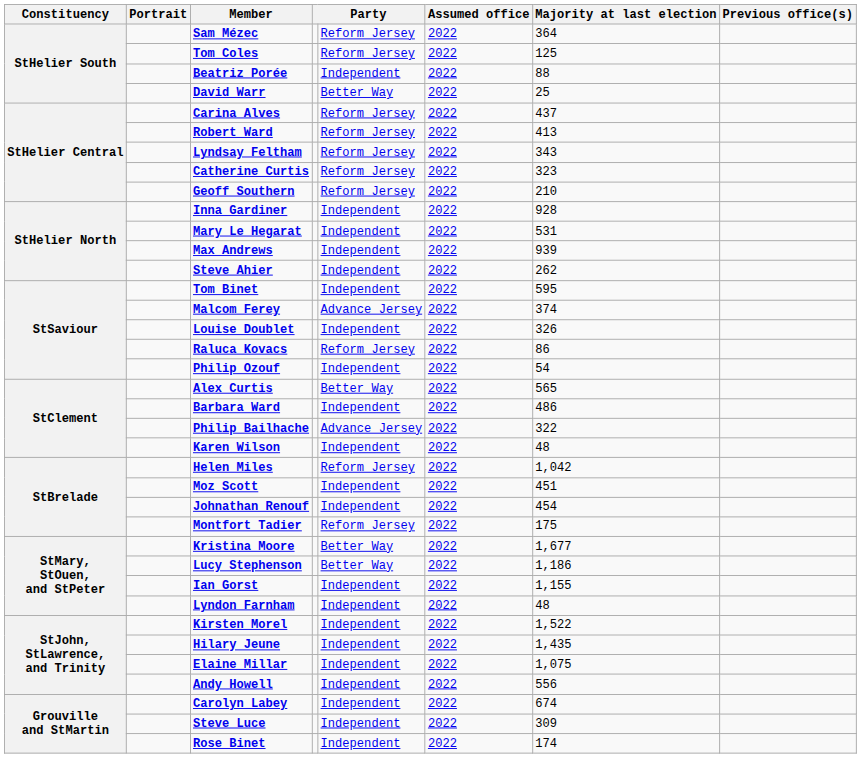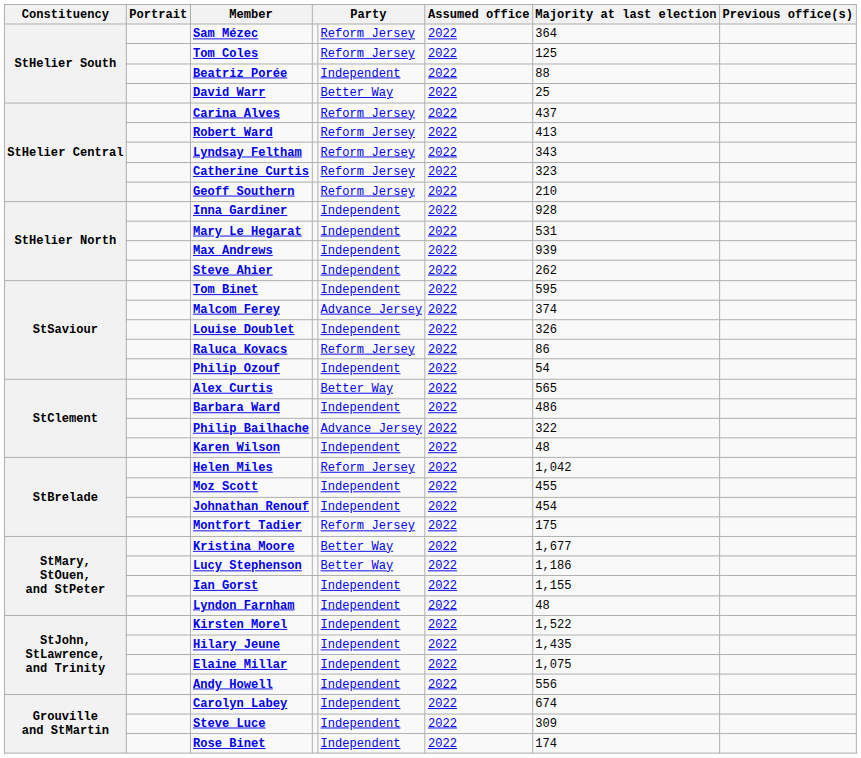 <table class="wikitable sortable sticky-header" id="deputies">
 <tr style="vertical-align:bottom">
 <th scope="col">Constituency</th>
 <th scope="col">Portrait</th>
 <th scope="col">Member</th>
 <th scope="col" colspan=2>Party</th>
 <th scope="col">Assumed office</th>
 <th scope="col">Majority at last election</th>
 <th scope="col">Previous office(s)</th>
 </tr>
 <tr>
 <th scope="row" rowspan="4">StHelier South</th>
 <td></td>
 <td data-sort-value="Mézec"><strong><a href='#'>Sam Mézec</a></strong></td>
 <td style="background-color:"></td>
 <td><a href='#'>Reform Jersey</a></td>
 <td><a href='#'>2022</a></td>
 <td>364</td>
 <td></td>
 </tr>
 <tr>
 <td></td>
 <td data-sort-value="Coles"><strong><a href='#'>Tom Coles</a></strong></td>
 <td style="background-color:"></td>
 <td><a href='#'>Reform Jersey</a></td>
 <td><a href='#'>2022</a></td>
 <td>125</td>
 <td></td>
 </tr>
 <tr>
 <td></td>
 <td data-sort-value="Porée"><strong><a href='#'>Beatriz Porée</a></strong></td>
 <td style="background-color:"></td>
 <td><a href='#'>Independent</a></td>
 <td><a href='#'>2022</a></td>
 <td>88</td>
 <td></td>
 </tr>
 <tr>
 <td></td>
 <td data-sort-value="Warr"><strong><a href='#'>David Warr</a></strong></td>
 <td style="background-color:"></td>
 <td><a href='#'>Better Way</a></td>
 <td><a href='#'>2022</a></td>
 <td>25</td>
 <td></td>
 </tr>
 <tr>
 <th scope="row" rowspan="5">StHelier Central</th>
 <td></td>
 <td data-sort-value="Alves"><strong><a href='#'>Carina Alves</a></strong></td>
 <td style="background-color:"></td>
 <td><a href='#'>Reform Jersey</a></td>
 <td><a href='#'>2022</a></td>
 <td>437</td>
 <td></td>
 </tr>
 <tr>
 <td></td>
 <td data-sort-value="Ward, Robert"><strong><a href='#'>Robert Ward</a></strong></td>
 <td style="background-color:"></td>
 <td><a href='#'>Reform Jersey</a></td>
 <td><a href='#'>2022</a></td>
 <td>413</td>
 <td></td>
 </tr>
 <tr>
 <td></td>
 <td data-sort-value="Feltham"><strong><a href='#'>Lyndsay Feltham</a></strong></td>
 <td style="background-color:"></td>
 <td><a href='#'>Reform Jersey</a></td>
 <td><a href='#'>2022</a></td>
 <td>343</td>
 <td></td>
 </tr>
 <tr>
 <td></td>
 <td data-sort-value="Curtis, Catherine"><strong><a href='#'>Catherine Curtis</a></strong></td>
 <td style="background-color:"></td>
 <td><a href='#'>Reform Jersey</a></td>
 <td><a href='#'>2022</a></td>
 <td>323</td>
 <td></td>
 </tr>
 <tr>
 <td></td>
 <td data-sort-value="Southern"><strong><a href='#'>Geoff Southern</a></strong></td>
 <td style="background-color:"></td>
 <td><a href='#'>Reform Jersey</a></td>
 <td><a href='#'>2022</a></td>
 <td>210</td>
 <td></td>
 </tr>
 <tr>
 <th scope="row" rowspan="4">StHelier North</th>
 <td></td>
 <td data-sort-value="Gardiner"><strong><a href='#'>Inna Gardiner</a></strong></td>
 <td style="background-color:"></td>
 <td><a href='#'>Independent</a></td>
 <td><a href='#'>2022</a></td>
 <td>928</td>
 <td></td>
 </tr>
 <tr>
 <td></td>
 <td data-sort-value="Le Hegarat"><strong><a href='#'>Mary Le Hegarat</a></strong></td>
 <td style="background-color:"></td>
 <td><a href='#'>Independent</a></td>
 <td><a href='#'>2022</a></td>
 <td>531</td>
 <td></td>
 </tr>
 <tr>
 <td></td>
 <td data-sort-value="Andrews"><strong><a href='#'>Max Andrews</a></strong></td>
 <td style="background-color:"></td>
 <td><a href='#'>Independent</a></td>
 <td><a href='#'>2022</a></td>
 <td>939</td>
 <td></td>
 </tr>
 <tr>
 <td></td>
 <td data-sort-value="Ahier"><strong><a href='#'>Steve Ahier</a></strong></td>
 <td style="background-color:"></td>
 <td><a href='#'>Independent</a></td>
 <td><a href='#'>2022</a></td>
 <td>262</td>
 <td></td>
 </tr>
 <tr>
 <th scope="row" rowspan="5">StSaviour</th>
 <td></td>
 <td data-sort-value="Binet, Tom"><strong><a href='#'>Tom Binet</a></strong></td>
 <td style="background-color:"></td>
 <td><a href='#'>Independent</a></td>
 <td><a href='#'>2022</a></td>
 <td>595</td>
 <td></td>
 </tr>
 <tr>
 <td></td>
 <td data-sort-value="Ferey"><strong><a href='#'>Malcom Ferey</a></strong></td>
 <td style="background-color:"></td>
 <td><a href='#'>Advance Jersey</a></td>
 <td><a href='#'>2022</a></td>
 <td>374</td>
 <td></td>
 </tr>
 <tr>
 <td></td>
 <td data-sort-value="Doublet"><strong><a href='#'>Louise Doublet</a></strong></td>
 <td style="background-color:"></td>
 <td><a href='#'>Independent</a></td>
 <td><a href='#'>2022</a></td>
 <td>326</td>
 <td></td>
 </tr>
 <tr>
 <td></td>
 <td data-sort-value="Kovacs"><strong><a href='#'>Raluca Kovacs</a></strong></td>
 <td style="background-color:"></td>
 <td><a href='#'>Reform Jersey</a></td>
 <td><a href='#'>2022</a></td>
 <td>86</td>
 <td></td>
 </tr>
 <tr>
 <td></td>
 <td data-sort-value="Ozouf"><strong><a href='#'>Philip Ozouf</a></strong></td>
 <td style="background-color:"></td>
 <td><a href='#'>Independent</a></td>
 <td><a href='#'>2022</a></td>
 <td>54</td>
 <td></td>
 </tr>
 <tr>
 <th scope="row" rowspan="4">StClement</th>
 <td></td>
 <td data-sort-value="Curtis, Alex"><strong><a href='#'>Alex Curtis</a></strong></td>
 <td style="background-color:"></td>
 <td><a href='#'>Better Way</a></td>
 <td><a href='#'>2022</a></td>
 <td>565</td>
 <td></td>
 </tr>
 <tr>
 <td></td>
 <td data-sort-value="Ward, Barbara"><strong><a href='#'>Barbara Ward</a></strong></td>
 <td style="background-color:"></td>
 <td><a href='#'>Independent</a></td>
 <td><a href='#'>2022</a></td>
 <td>486</td>
 <td></td>
 </tr>
 <tr>
 <td></td>
 <td data-sort-value="Bailhache"><strong><a href='#'>Philip Bailhache</a></strong></td>
 <td style="background-color:"></td>
 <td><a href='#'>Advance Jersey</a></td>
 <td><a href='#'>2022</a></td>
 <td>322</td>
 <td></td>
 </tr>
 <tr>
 <td></td>
 <td data-sort-value="Wilson"><strong><a href='#'>Karen Wilson</a></strong></td>
 <td style="background-color:"></td>
 <td><a href='#'>Independent</a></td>
 <td><a href='#'>2022</a></td>
 <td>48</td>
 <td></td>
 </tr>
 <tr>
 <th scope="row" rowspan="4">StBrelade</th>
 <td></td>
 <td data-sort-value="Miles"><strong><a href='#'>Helen Miles</a></strong></td>
 <td style="background-color:"></td>
 <td><a href='#'>Reform Jersey</a></td>
 <td><a href='#'>2022</a></td>
 <td>1,042</td>
 <td></td>
 </tr>
 <tr>
 <td></td>
 <td data-sort-value="Scott"><strong><a href='#'>Moz Scott</a></strong></td>
 <td style="background-color:"></td>
 <td><a href='#'>Independent</a></td>
 <td><a href='#'>2022</a></td>
-<td>451</td>
+<td>455</td>
 <td></td>
 </tr>
 <tr>
 <td></td>
 <td data-sort-value="Renouf"><strong><a href='#'>Johnathan Renouf</a></strong></td>
 <td style="background-color:"></td>
 <td><a href='#'>Independent</a></td>
 <td><a href='#'>2022</a></td>
 <td>454</td>
 <td></td>
 </tr>
 <tr>
 <td></td>
 <td data-sort-value="Tadier"><strong><a href='#'>Montfort Tadier</a></strong></td>
 <td style="background-color:"></td>
 <td><a href='#'>Reform Jersey</a></td>
 <td><a href='#'>2022</a></td>
 <td>175</td>
 <td></td>
 </tr>
 <tr>
 <th scope="row" rowspan="4">StMary,<br>StOuen,<br>and StPeter</th>
 <td></td>
 <td data-sort-value="Moore"><strong><a href='#'>Kristina Moore</a></strong></td>
 <td style="background-color:"></td>
 <td><a href='#'>Better Way</a></td>
 <td><a href='#'>2022</a></td>
 <td>1,677</td>
 <td></td>
 </tr>
 <tr>
 <td></td>
 <td data-sort-value="Stephenson"><strong><a href='#'>Lucy Stephenson</a></strong></td>
 <td style="background-color:"></td>
 <td><a href='#'>Better Way</a></td>
 <td><a href='#'>2022</a></td>
 <td>1,186</td>
 <td></td>
 </tr>
 <tr>
 <td></td>
 <td data-sort-value="Gorst"><strong><a href='#'>Ian Gorst</a></strong></td>
 <td style="background-color:"></td>
 <td><a href='#'>Independent</a></td>
 <td><a href='#'>2022</a></td>
 <td>1,155</td>
 <td></td>
 </tr>
 <tr>
 <td></td>
 <td data-sort-value="Farnham"><strong><a href='#'>Lyndon Farnham</a></strong></td>
 <td style="background-color:"></td>
 <td><a href='#'>Independent</a></td>
 <td><a href='#'>2022</a></td>
 <td>48</td>
 <td></td>
 </tr>
 <tr>
 <th scope="row" rowspan="4">StJohn,<br>StLawrence,<br>and Trinity</th>
 <td></td>
 <td data-sort-value="Morel"><strong><a href='#'>Kirsten Morel</a></strong></td>
 <td style="background-color:"></td>
 <td><a href='#'>Independent</a></td>
 <td><a href='#'>2022</a></td>
 <td>1,522</td>
 <td></td>
 </tr>
 <tr>
 <td></td>
 <td data-sort-value="Jeune"><strong><a href='#'>Hilary Jeune</a></strong></td>
 <td style="background-color:"></td>
 <td><a href='#'>Independent</a></td>
 <td><a href='#'>2022</a></td>
 <td>1,435</td>
 <td></td>
 </tr>
 <tr>
 <td></td>
 <td data-sort-value="Millar"><strong><a href='#'>Elaine Millar</a></strong></td>
 <td style="background-color:"></td>
 <td><a href='#'>Independent</a></td>
 <td><a href='#'>2022</a></td>
 <td>1,075</td>
 <td></td>
 </tr>
 <tr>
 <td></td>
 <td data-sort-value="Howell"><strong><a href='#'>Andy Howell</a></strong></td>
 <td style="background-color:"></td>
 <td><a href='#'>Independent</a></td>
 <td><a href='#'>2022</a></td>
 <td>556</td>
 <td></td>
 </tr>
 <tr>
 <th scope="row" rowspan="3">Grouville<br>and StMartin</th>
 <td></td>
 <td data-sort-value="Labey"><strong><a href='#'>Carolyn Labey</a></strong></td>
 <td style="background-color:"></td>
 <td><a href='#'>Independent</a></td>
 <td><a href='#'>2022</a></td>
 <td>674</td>
 <td></td>
 </tr>
 <tr>
 <td></td>
 <td data-sort-value="Luce"><strong><a href='#'>Steve Luce</a></strong></td>
 <td style="background-color:"></td>
 <td><a href='#'>Independent</a></td>
 <td><a href='#'>2022</a></td>
 <td>309</td>
 <td></td>
 </tr>
 <tr>
 <td></td>
 <td data-sort-value="Binet, Rose"><strong><a href='#'>Rose Binet</a></strong></td>
 <td style="background-color:"></td>
 <td><a href='#'>Independent</a></td>
 <td><a href='#'>2022</a></td>
 <td>174</td>
 <td></td>
 </tr>
 </table>
